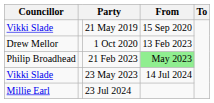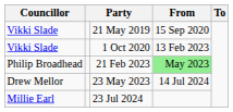 <table class=wikitable>
 <tr>
 <th>Councillor</th>
 <th colspan=2>Party</th>
 <th>From</th>
 <th>To</th>
 </tr>
 <tr>
 <td><a href='#'>Vikki Slade</a></td>
 <td></td>
 <td align=right>21 May 2019</td>
 <td align=right>15 Sep 2020</td>
 </tr>
 <tr>
-<td>Drew Mellor</td>
+<td><a href='#'>Vikki Slade</a></td>
 <td></td>
 <td align=right>1 Oct 2020</td>
 <td align=right>13 Feb 2023</td>
 </tr>
 <tr>
 <td>Philip Broadhead</td>
 <td></td>
 <td align=right>21 Feb 2023</td>
 <td align=right style="background: lightgreen;">May 2023</td>
 </tr>
 <tr>
-<td><a href='#'>Vikki Slade</a></td>
+<td>Drew Mellor</td>
 <td></td>
 <td align=right>23 May 2023</td>
 <td align=right>14 Jul 2024</td>
 </tr>
 <tr>
 <td><a href='#'>Millie Earl</a></td>
 <td></td>
 <td>23 Jul 2024</td>
 <td align="right"></td>
 </tr>
 </table>
